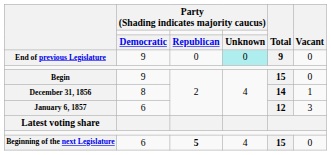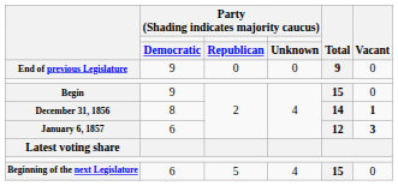 <table class=wikitable style="text-align:center">
 <tr style="vertical-align:bottom;">
 <th rowspan=3></th>
 <th colspan=3>Party <div>(Shading indicates majority caucus)</div></th>
 <th rowspan=3>Total</th>
 <th rowspan=3>Vacant</th>
 </tr>
 <tr style="height:5px">
 <td style="background-color:"></td>
 <td style="background-color:"></td>
 <td style="background-color:"></td>
 </tr>
 <tr>
 <th><a href='#'>Democratic</a></th>
 <th><a href='#'>Republican</a></th>
 <th>Unknown</th>
 </tr>
 <tr>
 <th style="white-space:nowrap; font-size:80%;">End of <a href='#'>previous Legislature</a></th>
 <td>9</td>
 <td>0</td>
-<td style="background: paleturquoise;">0</td>
+<td>0</td>
 <th>9</th>
 <td>0</td>
 </tr>
 <tr>
 <td colspan=6></td>
 </tr>
 <tr>
 <th style="font-size:80%">Begin</th>
 <td>9</td>
 <td rowspan="3">2</td>
 <td rowspan="3">4</td>
 <th>15</th>
 <td>0</td>
 </tr>
 <tr>
 <th style="font-size:80%">December 31, 1856</th>
 <td>8</td>
 <th>14</th>
-<td>1</td>
+<td><strong>1</strong></td>
 </tr>
 <tr>
 <th style="font-size:80%">January 6, 1857</th>
 <td>6</td>
 <th>12</th>
-<td>3</td>
+<td><strong>3</strong></td>
 </tr>
 <tr>
 <th>Latest voting share</th>
 <th></th>
 <th></th>
 <th></th>
 <th colspan=2></th>
 </tr>
 <tr>
 <td colspan=6></td>
 </tr>
 <tr>
 <th style="white-space:nowrap; font-size:80%;">Beginning of the <a href='#'>next Legislature</a></th>
 <td>6</td>
-<td><strong>5</strong></td>
+<td>5</td>
 <td>4</td>
 <th>15</th>
 <td>0</td>
 </tr>
 </table>
